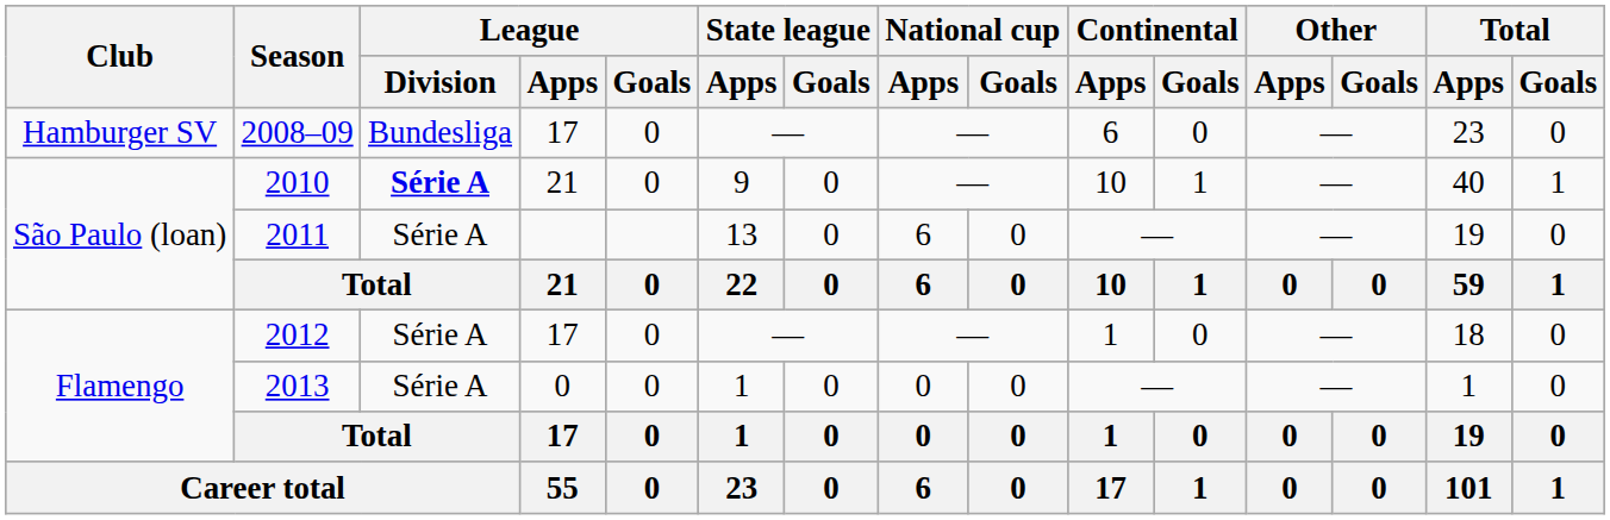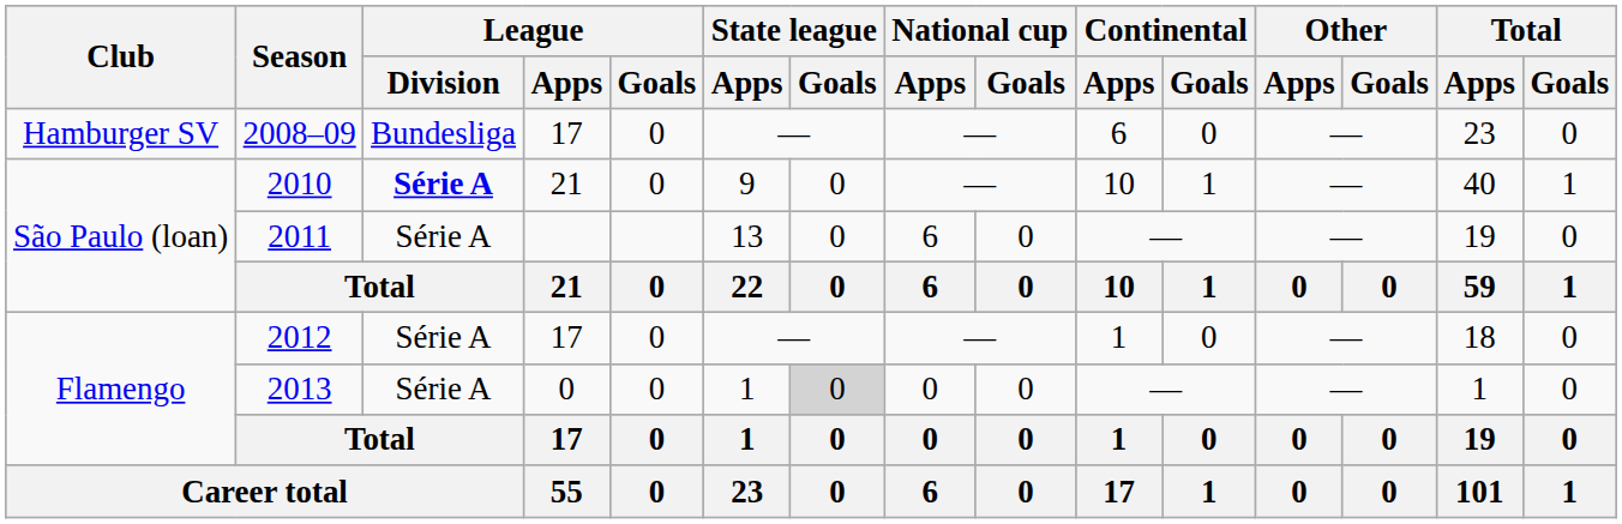 <table class="wikitable" style="text-align:center">
 <tr>
 <th rowspan="2">Club</th>
 <th rowspan="2">Season</th>
 <th colspan="3">League</th>
 <th colspan="2">State league</th>
 <th colspan="2">National cup</th>
 <th colspan="2">Continental</th>
 <th colspan="2">Other</th>
 <th colspan="2">Total</th>
 </tr>
 <tr>
 <th>Division</th>
 <th>Apps</th>
 <th>Goals</th>
 <th>Apps</th>
 <th>Goals</th>
 <th>Apps</th>
 <th>Goals</th>
 <th>Apps</th>
 <th>Goals</th>
 <th>Apps</th>
 <th>Goals</th>
 <th>Apps</th>
 <th>Goals</th>
 </tr>
 <tr>
 <td><a href='#'>Hamburger SV</a></td>
 <td><a href='#'>2008–09</a></td>
 <td><a href='#'>Bundesliga</a></td>
 <td>17</td>
 <td>0</td>
 <td colspan="2">—</td>
 <td colspan="2">—</td>
 <td>6</td>
 <td>0</td>
 <td colspan="2">—</td>
 <td>23</td>
 <td>0</td>
 </tr>
 <tr>
 <td rowspan="3"><a href='#'>São Paulo</a> (loan)</td>
 <td><a href='#'>2010</a></td>
 <td><strong><a href='#'>Série A</a></strong></td>
 <td>21</td>
 <td>0</td>
 <td>9</td>
 <td>0</td>
 <td colspan="2">—</td>
 <td>10</td>
 <td>1</td>
 <td colspan="2">—</td>
 <td>40</td>
 <td>1</td>
 </tr>
 <tr>
 <td><a href='#'>2011</a></td>
 <td>Série A</td>
 <td></td>
 <td></td>
 <td>13</td>
 <td>0</td>
 <td>6</td>
 <td>0</td>
 <td colspan="2">—</td>
 <td colspan="2">—</td>
 <td>19</td>
 <td>0</td>
 </tr>
 <tr>
 <th colspan="2">Total</th>
 <th>21</th>
 <th>0</th>
 <th>22</th>
 <th>0</th>
 <th>6</th>
 <th>0</th>
 <th>10</th>
 <th>1</th>
 <th>0</th>
 <th>0</th>
 <th>59</th>
 <th>1</th>
 </tr>
 <tr>
 <td rowspan="3"><a href='#'>Flamengo</a></td>
 <td><a href='#'>2012</a></td>
 <td>Série A</td>
 <td>17</td>
 <td>0</td>
 <td colspan="2">—</td>
 <td colspan="2">—</td>
 <td>1</td>
 <td>0</td>
 <td colspan="2">—</td>
 <td>18</td>
 <td>0</td>
 </tr>
 <tr>
 <td><a href='#'>2013</a></td>
 <td>Série A</td>
 <td>0</td>
 <td>0</td>
 <td>1</td>
-<td>0</td>
+<td style="background: lightgrey;">0</td>
 <td>0</td>
 <td>0</td>
 <td colspan="2">—</td>
 <td colspan="2">—</td>
 <td>1</td>
 <td>0</td>
 </tr>
 <tr>
 <th colspan="2">Total</th>
 <th>17</th>
 <th>0</th>
 <th>1</th>
 <th>0</th>
 <th>0</th>
 <th>0</th>
 <th>1</th>
 <th>0</th>
 <th>0</th>
 <th>0</th>
 <th>19</th>
 <th>0</th>
 </tr>
 <tr>
 <th colspan="3">Career total</th>
 <th>55</th>
 <th>0</th>
 <th>23</th>
 <th>0</th>
 <th>6</th>
 <th>0</th>
 <th>17</th>
 <th>1</th>
 <th>0</th>
 <th>0</th>
 <th>101</th>
 <th>1</th>
 </tr>
 </table>
